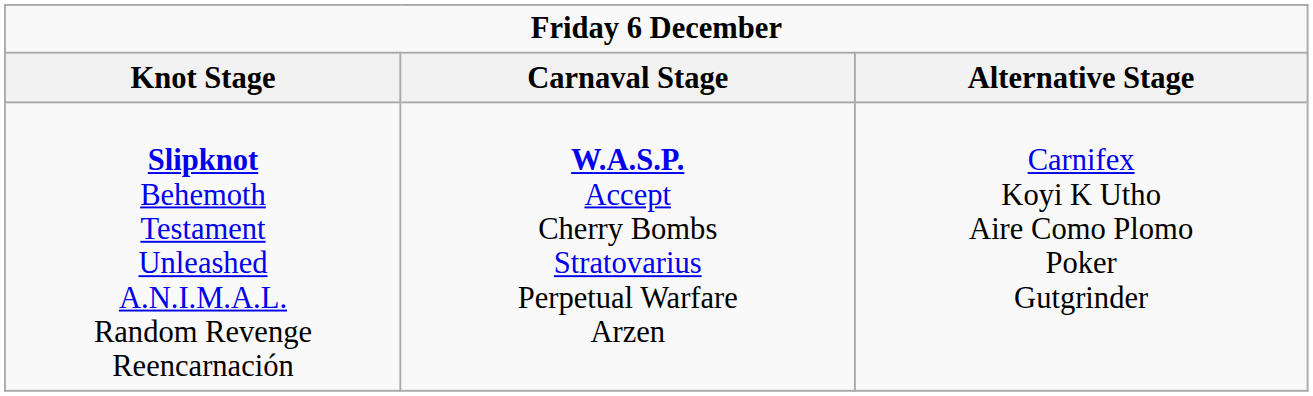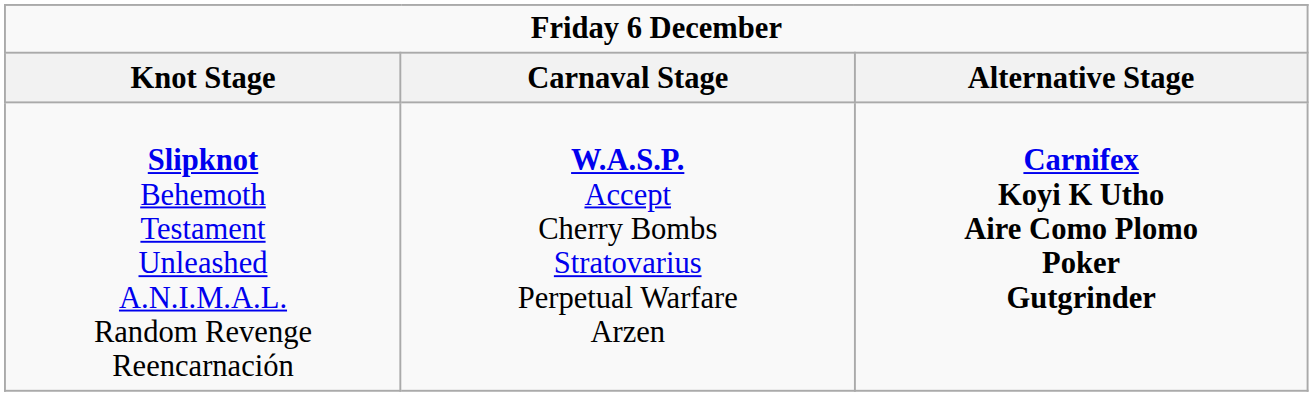 <table class="wikitable">
 <tr>
 <td colspan="4" style="text-align:center;"><strong>Friday 6 December</strong></td>
 </tr>
 <tr>
 <th>Knot Stage</th>
 <th>Carnaval Stage</th>
 <th>Alternative Stage</th>
 </tr>
 <tr>
 <td style="text-align:center; vertical-align:top; width:200px;"><br><strong><a href='#'>Slipknot</a></strong><br> <a href='#'>Behemoth</a><br> <a href='#'>Testament</a><br> <a href='#'>Unleashed</a><br> <a href='#'>A.N.I.M.A.L.</a><br> Random Revenge<br> Reencarnación<br></td>
 <td style="text-align:center; vertical-align:top; width:230px;"><br><strong><a href='#'>W.A.S.P.</a></strong><br> <a href='#'>Accept</a><br> Cherry Bombs<br> <a href='#'>Stratovarius</a><br> Perpetual Warfare<br> Arzen<br></td>
-<td style="text-align:center; vertical-align:top; width:230px;"><br><a href='#'>Carnifex</a><br> Koyi K Utho<br> Aire Como Plomo<br> Poker<br> Gutgrinder<br></td>
+<td style="text-align:center; vertical-align:top; width:230px;"><strong><br><a href='#'>Carnifex</a><br> Koyi K Utho<br> Aire Como Plomo<br> Poker<br> Gutgrinder<br></strong></td>
 </tr>
 </table>
